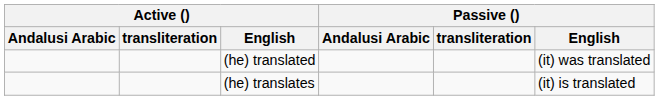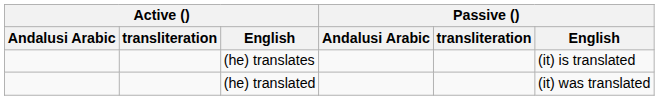 <table class="wikitable">
 <tr>
 <th colspan="3">Active ()</th>
 <th colspan="3">Passive ()</th>
 </tr>
 <tr>
 <th>Andalusi Arabic</th>
 <th>transliteration</th>
 <th>English</th>
 <th>Andalusi Arabic</th>
 <th>transliteration</th>
 <th>English</th>
 </tr>
 <tr>
 <td></td>
 <td></td>
+<td>(he) translates</td>
+<td></td>
+<td></td>
+<td>(it) is translated</td>
+</tr>
+<tr>
+<td></td>
+<td></td>
 <td>(he) translated</td>
 <td></td>
 <td></td>
 <td>(it) was translated</td>
 </tr>
-<tr>
-<td></td>
-<td></td>
-<td>(he) translates</td>
-<td></td>
-<td></td>
-<td>(it) is translated</td>
-</tr>
 </table>
